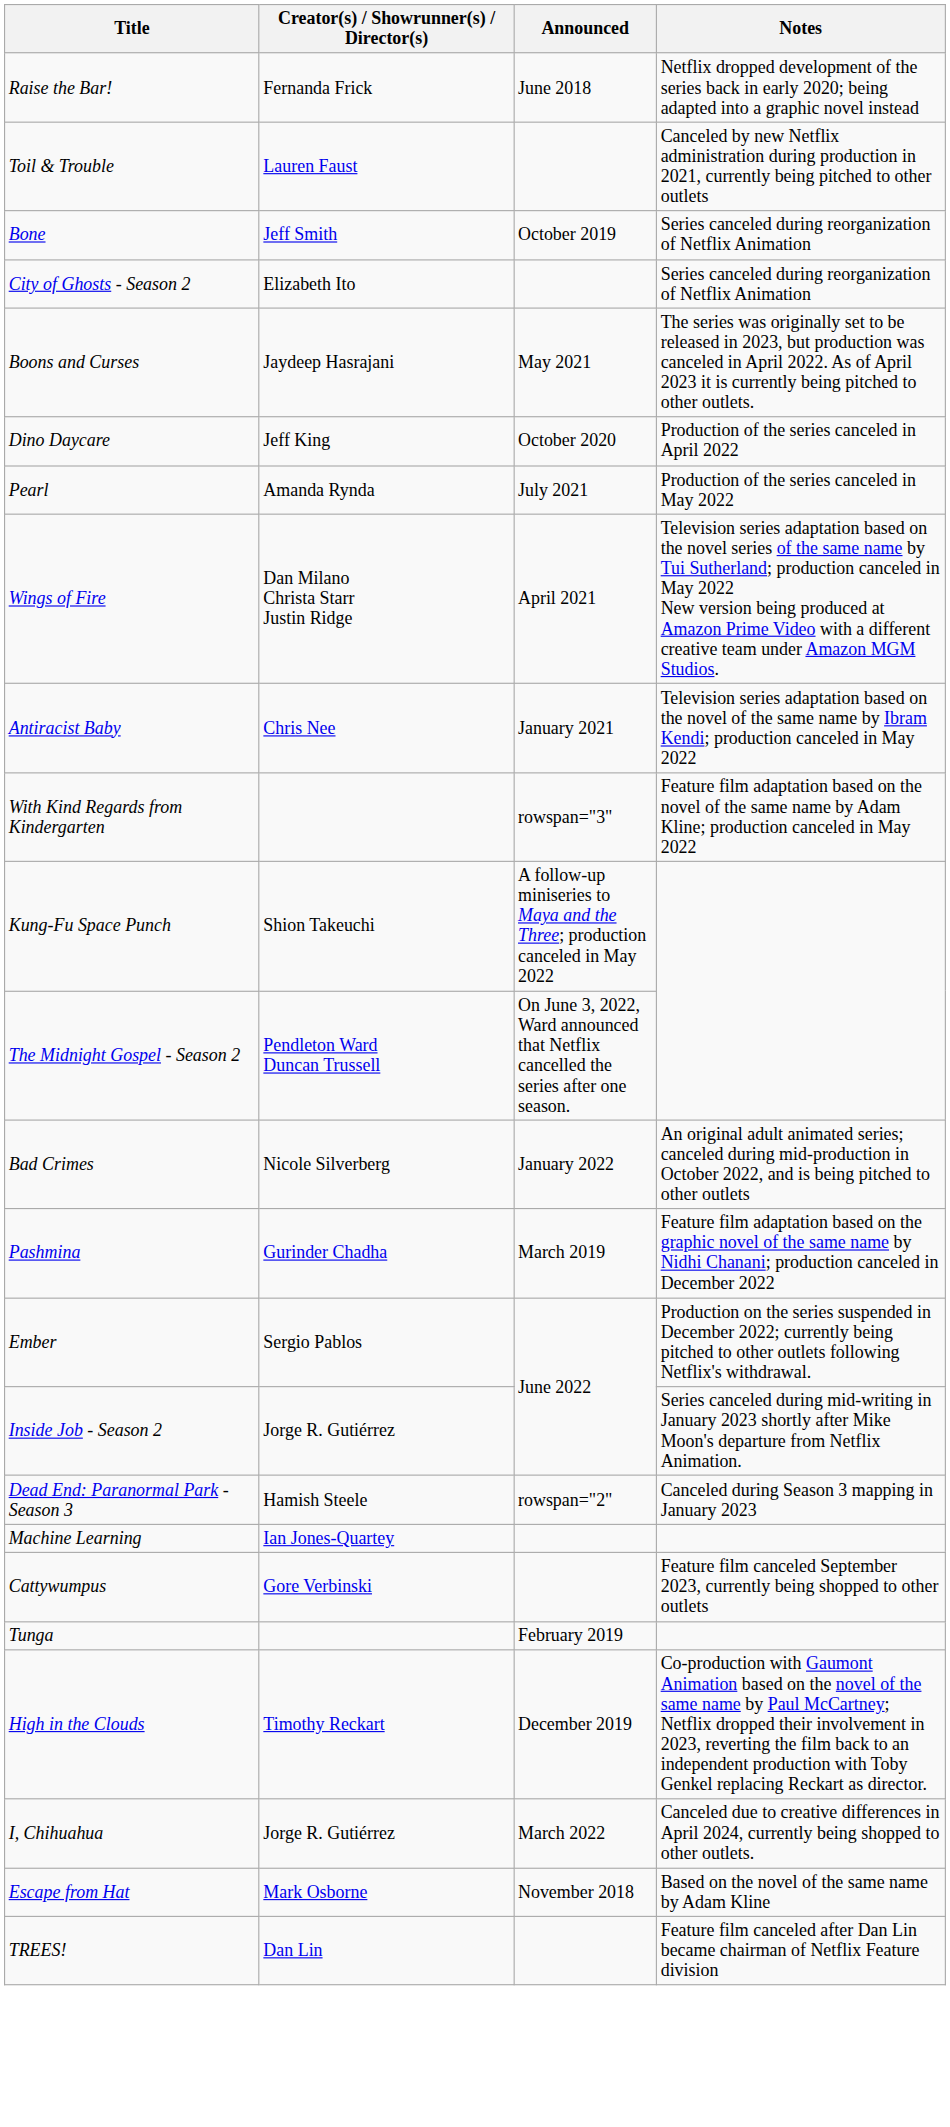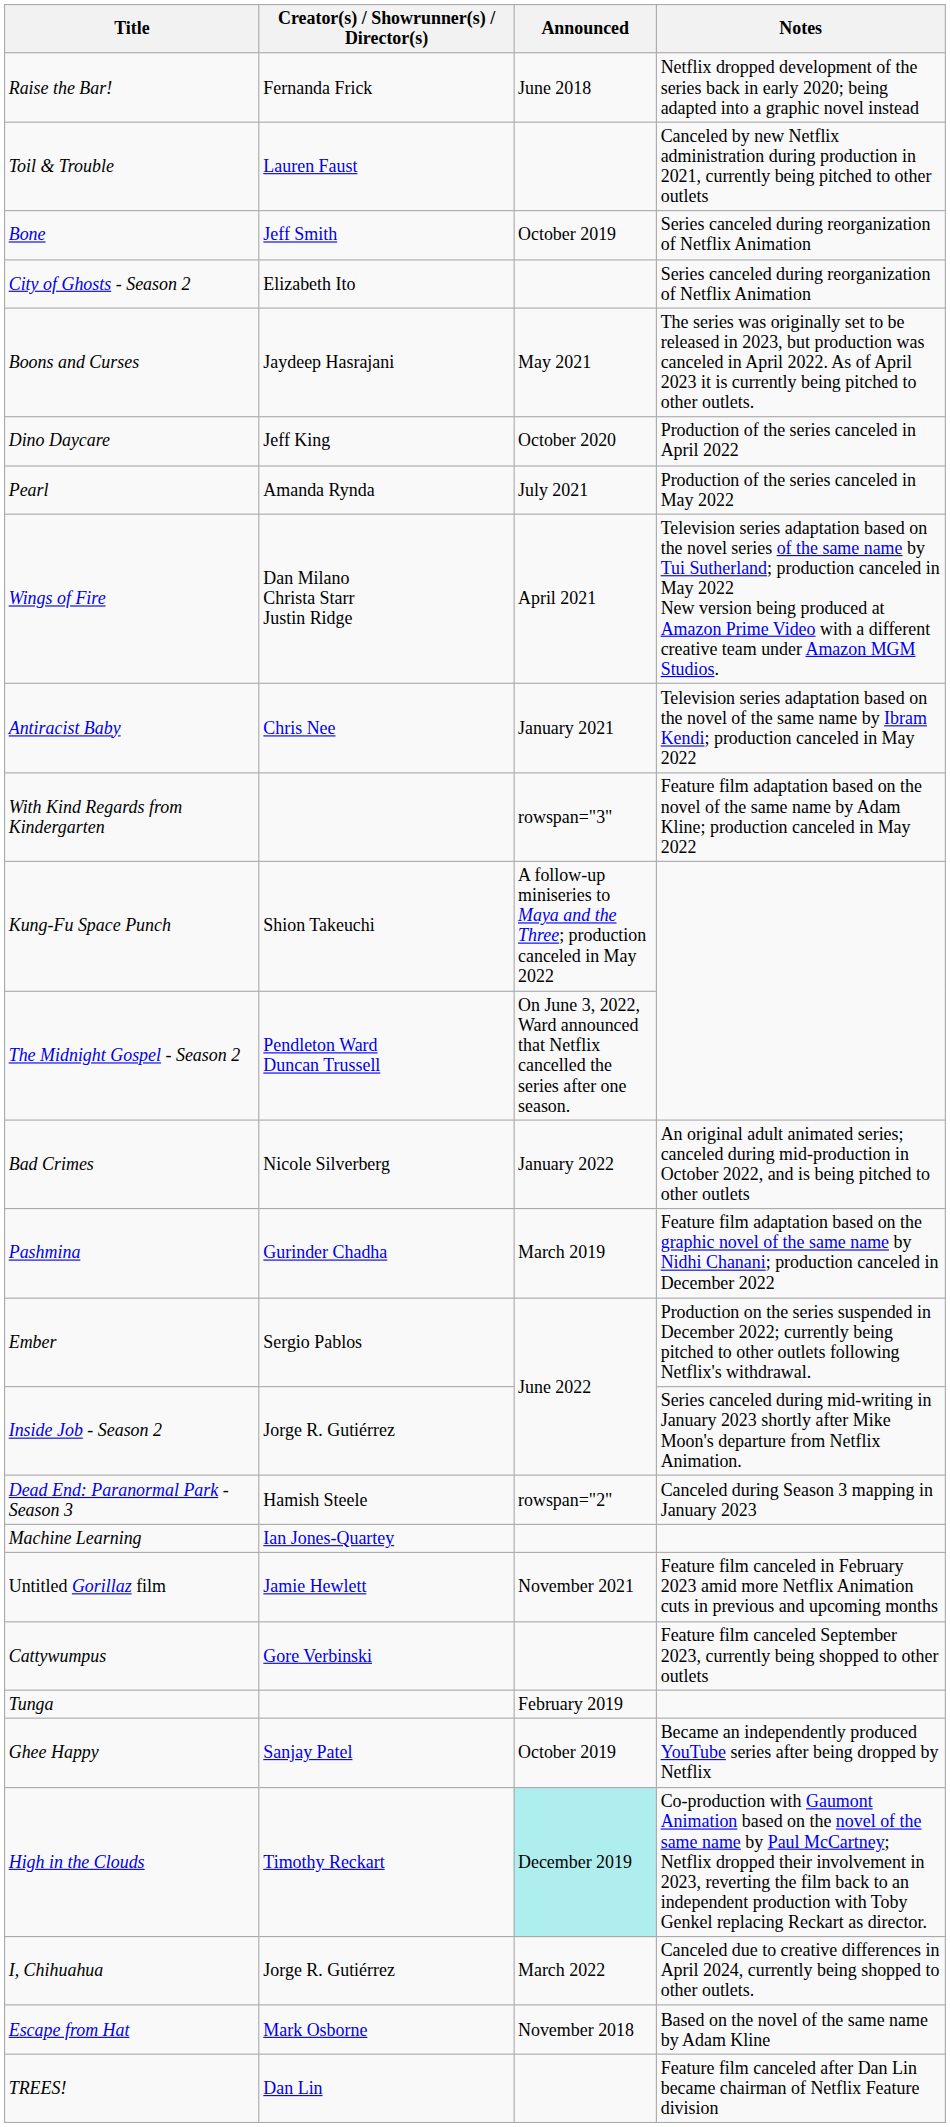 <table class="wikitable">
 <tr>
 <th width=220>Title</th>
 <th width=220>Creator(s) / Showrunner(s) / Director(s)</th>
 <th width=120>Announced</th>
 <th width=250>Notes</th>
 </tr>
 <tr>
 <td><em>Raise the Bar!</em></td>
 <td>Fernanda Frick</td>
 <td>June 2018</td>
 <td>Netflix dropped development of the series back in early 2020; being adapted into a graphic novel instead</td>
 </tr>
 <tr>
 <td><em>Toil & Trouble</em></td>
 <td><a href='#'>Lauren Faust</a></td>
 <td></td>
 <td>Canceled by new Netflix administration during production in 2021, currently being pitched to other outlets</td>
 </tr>
 <tr>
 <td><em><a href='#'>Bone</a></em></td>
 <td><a href='#'>Jeff Smith</a></td>
 <td>October 2019</td>
 <td>Series canceled during reorganization of Netflix Animation</td>
 </tr>
 <tr>
 <td><em><a href='#'>City of Ghosts</a> - Season 2</em></td>
 <td>Elizabeth Ito</td>
 <td></td>
 <td>Series canceled during reorganization of Netflix Animation</td>
 </tr>
 <tr>
 <td><em>Boons and Curses</em></td>
 <td>Jaydeep Hasrajani</td>
 <td>May 2021</td>
 <td>The series was originally set to be released in 2023, but production was canceled in April 2022. As of April 2023 it is currently being pitched to other outlets.</td>
 </tr>
 <tr>
 <td><em>Dino Daycare</em></td>
 <td>Jeff King</td>
 <td>October 2020</td>
 <td>Production of the series canceled in April 2022</td>
 </tr>
 <tr>
 <td><em>Pearl</em></td>
 <td>Amanda Rynda</td>
 <td>July 2021</td>
 <td>Production of the series canceled in May 2022</td>
 </tr>
 <tr>
 <td><em><a href='#'>Wings of Fire</a></em></td>
 <td>Dan Milano<br>Christa Starr<br>Justin Ridge</td>
 <td>April 2021</td>
 <td>Television series adaptation based on the novel series <a href='#'>of the same name</a> by <a href='#'>Tui Sutherland</a>; production canceled in May 2022<br>New version being produced at <a href='#'>Amazon Prime Video</a> with a different creative team under <a href='#'>Amazon MGM Studios</a>.</td>
 </tr>
 <tr>
 <td><em><a href='#'>Antiracist Baby</a></em></td>
 <td><a href='#'>Chris Nee</a></td>
 <td>January 2021</td>
 <td>Television series adaptation based on the novel of the same name by <a href='#'>Ibram Kendi</a>; production canceled in May 2022</td>
 </tr>
 <tr>
 <td><em>With Kind Regards from Kindergarten</em></td>
 <td></td>
 <td>rowspan="3" </td>
 <td>Feature film adaptation based on the novel of the same name by Adam Kline; production canceled in May 2022</td>
 </tr>
 <tr>
 <td><em>Kung-Fu Space Punch</em></td>
 <td>Shion Takeuchi</td>
 <td>A follow-up miniseries to <em><a href='#'>Maya and the Three</a></em>; production canceled in May 2022</td>
 </tr>
 <tr>
 <td><em><a href='#'>The Midnight Gospel</a> - Season 2</em></td>
 <td><a href='#'>Pendleton Ward</a><br><a href='#'>Duncan Trussell</a></td>
 <td>On June 3, 2022, Ward announced that Netflix cancelled the series after one season.</td>
 </tr>
 <tr>
 <td><em>Bad Crimes</em></td>
 <td>Nicole Silverberg</td>
 <td>January 2022</td>
 <td>An original adult animated series; canceled during mid-production in October 2022, and is being pitched to other outlets</td>
 </tr>
 <tr>
 <td><em><a href='#'>Pashmina</a></em></td>
 <td><a href='#'>Gurinder Chadha</a></td>
 <td>March 2019</td>
 <td>Feature film adaptation based on the <a href='#'>graphic novel of the same name</a> by <a href='#'>Nidhi Chanani</a>; production canceled in December 2022</td>
 </tr>
 <tr>
 <td><em>Ember</em></td>
 <td>Sergio Pablos</td>
 <td rowspan="2">June 2022</td>
 <td>Production on the series suspended in December 2022; currently being pitched to other outlets following Netflix's withdrawal.</td>
 </tr>
 <tr>
 <td><em><a href='#'>Inside Job</a> - Season 2</em></td>
 <td>Jorge R. Gutiérrez</td>
 <td>Series canceled during mid-writing in January 2023 shortly after Mike Moon's departure from Netflix Animation.</td>
 </tr>
 <tr>
 <td><em><a href='#'>Dead End: Paranormal Park</a> - Season 3</em></td>
 <td>Hamish Steele</td>
 <td>rowspan="2" </td>
 <td>Canceled during Season 3 mapping in January 2023</td>
 </tr>
 <tr>
 <td><em>Machine Learning</em></td>
 <td><a href='#'>Ian Jones-Quartey</a></td>
 <td></td>
 </tr>
 <tr>
+<td>Untitled <em><a href='#'>Gorillaz</a></em> film</td>
+<td><a href='#'>Jamie Hewlett</a></td>
+<td>November 2021</td>
+<td>Feature film canceled in February 2023 amid more Netflix Animation cuts in previous and upcoming months</td>
+</tr>
+<tr>
 <td><em>Cattywumpus</em></td>
 <td><a href='#'>Gore Verbinski</a></td>
 <td></td>
 <td>Feature film canceled September 2023, currently being shopped to other outlets</td>
 </tr>
 <tr>
 <td><em>Tunga</em></td>
 <td></td>
 <td>February 2019</td>
 </tr>
 <tr>
+<td><em>Ghee Happy</em></td>
+<td><a href='#'>Sanjay Patel</a></td>
+<td>October 2019</td>
+<td>Became an independently produced <a href='#'>YouTube</a> series after being dropped by Netflix</td>
+</tr>
+<tr>
 <td><em><a href='#'>High in the Clouds</a></em></td>
 <td><a href='#'>Timothy Reckart</a></td>
-<td>December 2019</td>
+<td style="background: paleturquoise;">December 2019</td>
 <td>Co-production with <a href='#'>Gaumont Animation</a> based on the <a href='#'>novel of the same name</a> by <a href='#'>Paul McCartney</a>; Netflix dropped their involvement in 2023, reverting the film back to an independent production with Toby Genkel replacing Reckart as director.</td>
 </tr>
 <tr>
 <td><em>I, Chihuahua</em></td>
 <td>Jorge R. Gutiérrez</td>
 <td>March 2022</td>
 <td>Canceled due to creative differences in April 2024, currently being shopped to other outlets.</td>
 </tr>
 <tr>
 <td><em><a href='#'>Escape from Hat</a></em></td>
 <td><a href='#'>Mark Osborne</a></td>
 <td>November 2018</td>
 <td>Based on the novel of the same name by Adam Kline</td>
 </tr>
 <tr>
 <td><em>TREES!</em></td>
 <td><a href='#'>Dan Lin</a></td>
 <td></td>
 <td>Feature film canceled after Dan Lin became chairman of Netflix Feature division</td>
 </tr>
 </table>
